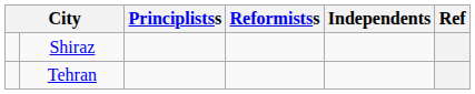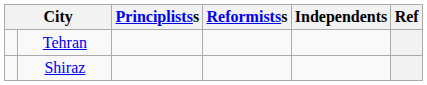 <table class="wikitable" style="text-align:center;">
 <tr>
 <th colspan="2" style="width: 100px;">City</th>
 <th><a href='#'>Principlists</a>s</th>
 <th><a href='#'>Reformists</a>s</th>
 <th>Independents</th>
 <th>Ref</th>
 </tr>
 <tr>
 <td style="background:"></td>
-<td><a href='#'>Shiraz</a></td>
+<td><a href='#'>Tehran</a></td>
 <td></td>
 <td></td>
 <td></td>
 <th></th>
 </tr>
 <tr>
 <td style="background:"></td>
-<td><a href='#'>Tehran</a></td>
+<td><a href='#'>Shiraz</a></td>
 <td></td>
 <td></td>
 <td></td>
 <th></th>
 </tr>
 </table>
